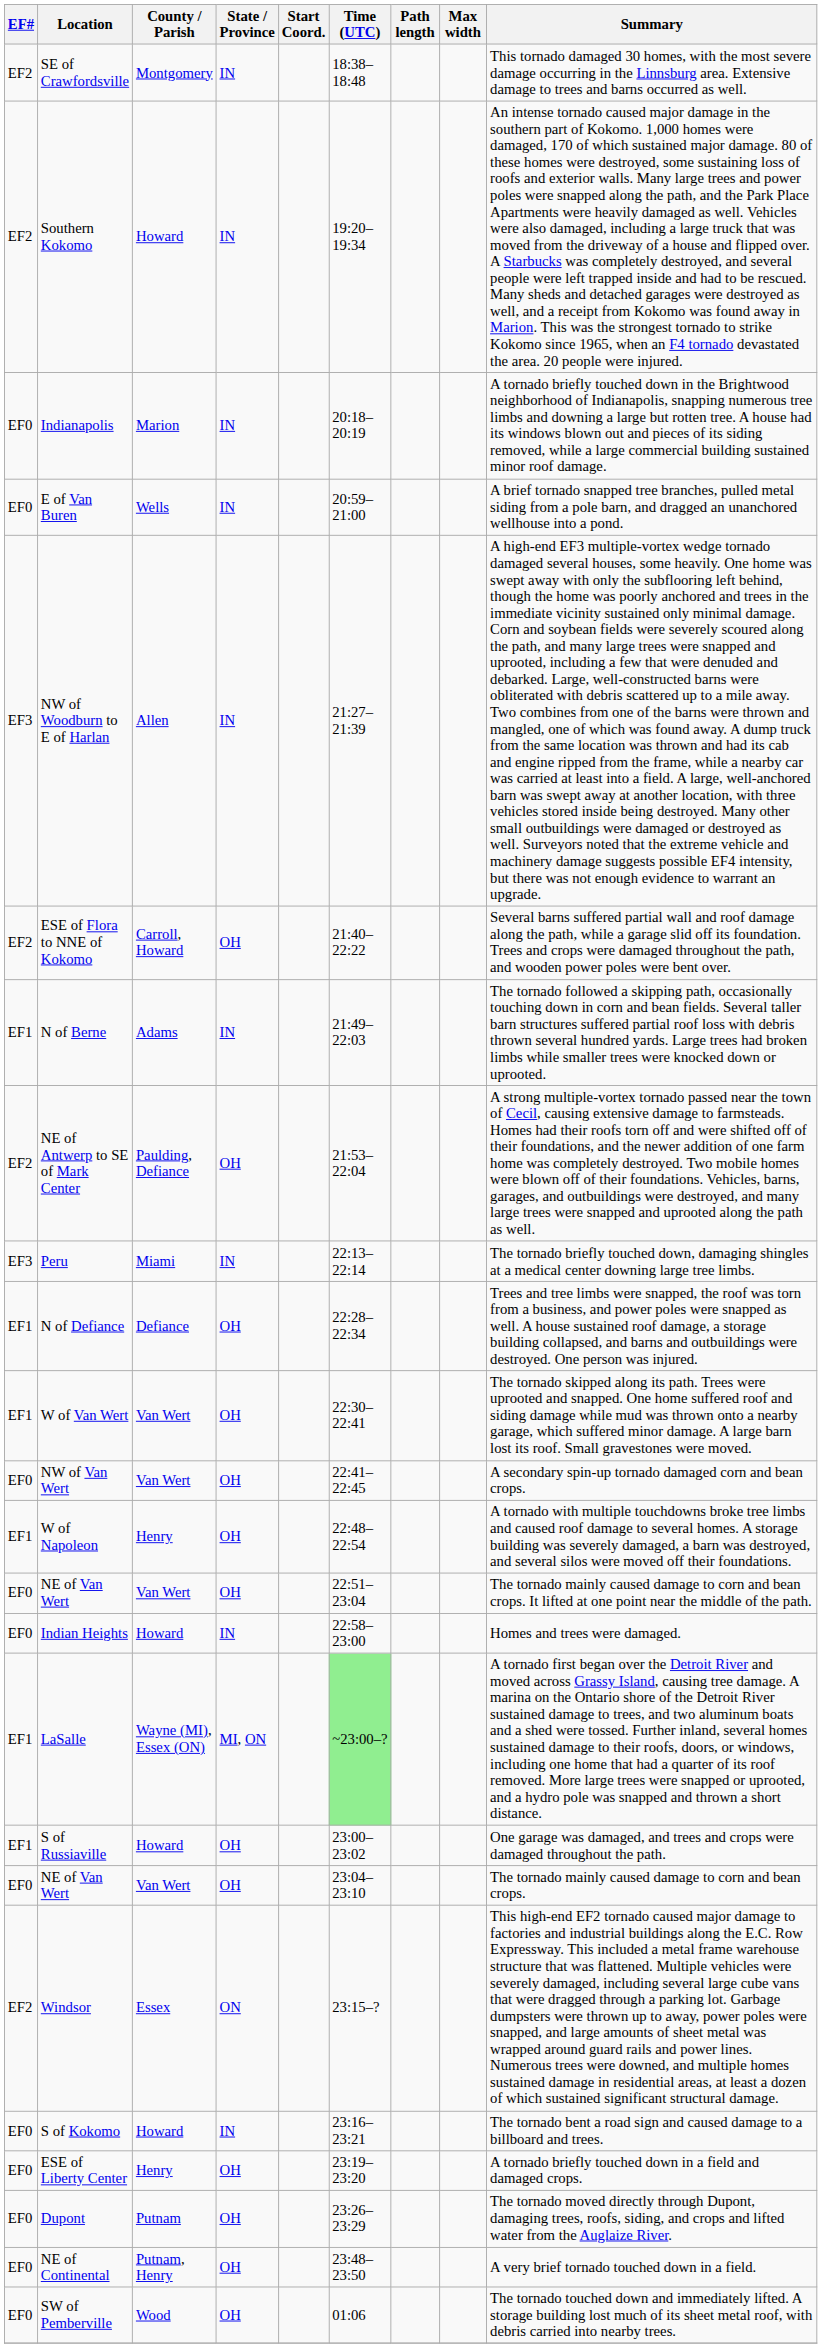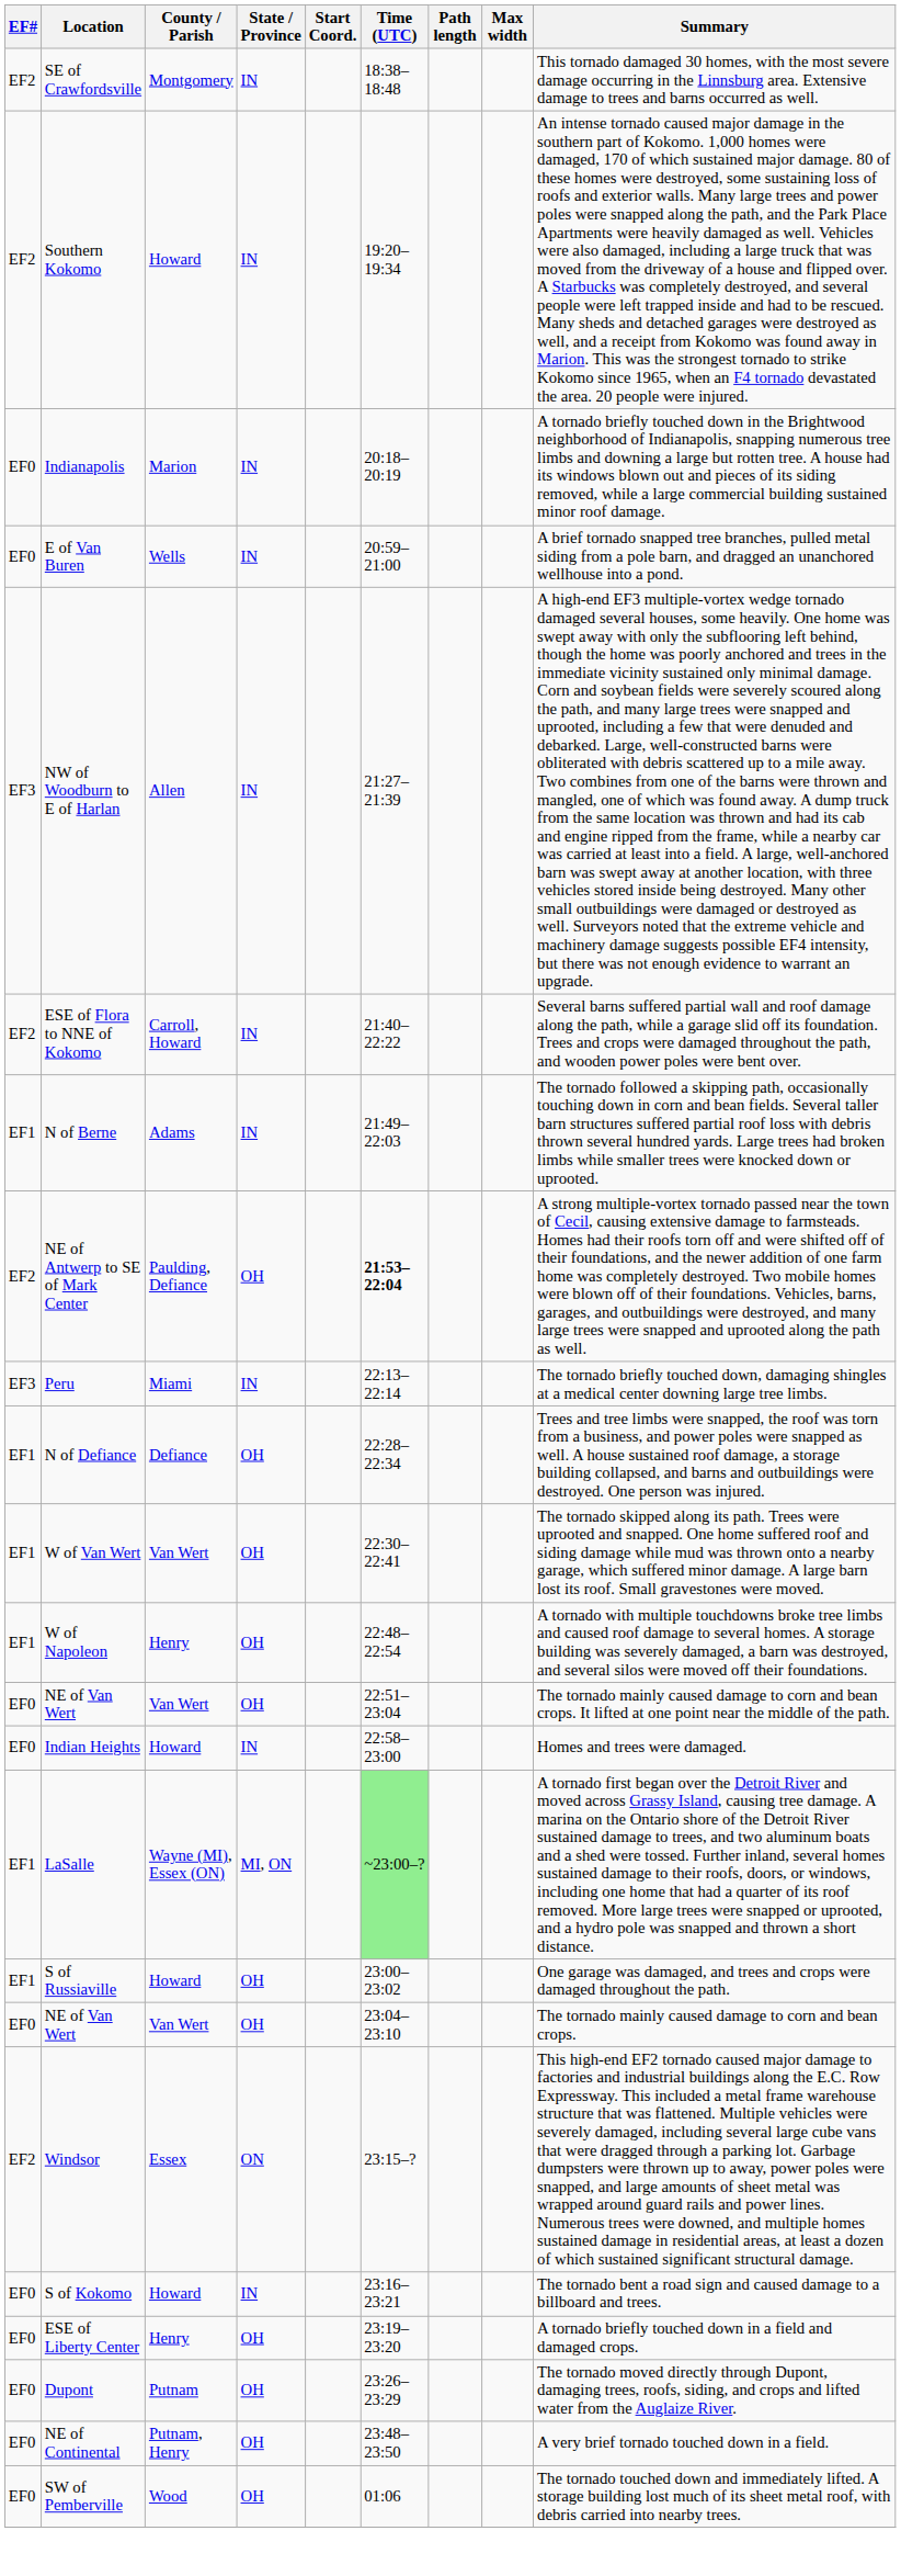 <table class="wikitable sortable" style="width:100%;">
 <tr>
 <th scope="col" width="3%" align="center"><a href='#'>EF#</a></th>
 <th scope="col" width="7%" align="center" class="unsortable">Location</th>
 <th scope="col" width="6%" align="center" class="unsortable">County / Parish</th>
 <th scope="col" width="5%" align="center">State / Province</th>
 <th scope="col" width="6%" align="center">Start Coord.</th>
 <th scope="col" width="6%" align="center">Time (<a href='#'>UTC</a>)</th>
 <th scope="col" width="6%" align="center">Path length</th>
 <th scope="col" width="6%" align="center">Max width</th>
 <th scope="col" width="48%" class="unsortable" align="center">Summary</th>
 </tr>
 <tr>
 <td>EF2</td>
 <td>SE of <a href='#'>Crawfordsville</a></td>
 <td><a href='#'>Montgomery</a></td>
 <td><a href='#'>IN</a></td>
 <td></td>
 <td>18:38–18:48</td>
 <td></td>
 <td></td>
 <td>This tornado damaged 30 homes, with the most severe damage occurring in the <a href='#'>Linnsburg</a> area. Extensive damage to trees and barns occurred as well.</td>
 </tr>
 <tr>
 <td>EF2</td>
 <td>Southern <a href='#'>Kokomo</a></td>
 <td><a href='#'>Howard</a></td>
 <td><a href='#'>IN</a></td>
 <td></td>
 <td>19:20–19:34</td>
 <td></td>
 <td></td>
 <td>An intense tornado caused major damage in the southern part of Kokomo. 1,000 homes were damaged, 170 of which sustained major damage. 80 of these homes were destroyed, some sustaining loss of roofs and exterior walls. Many large trees and power poles were snapped along the path, and the Park Place Apartments were heavily damaged as well. Vehicles were also damaged, including a large truck that was moved  from the driveway of a house and flipped over. A <a href='#'>Starbucks</a> was completely destroyed, and several people were left trapped inside and had to be rescued. Many sheds and detached garages were destroyed as well, and a receipt from Kokomo was found  away in <a href='#'>Marion</a>. This was the strongest tornado to strike Kokomo since 1965, when an <a href='#'>F4 tornado</a> devastated the area. 20 people were injured.</td>
 </tr>
 <tr>
 <td>EF0</td>
 <td><a href='#'>Indianapolis</a></td>
 <td><a href='#'>Marion</a></td>
 <td><a href='#'>IN</a></td>
 <td></td>
 <td>20:18–20:19</td>
 <td></td>
 <td></td>
 <td>A tornado briefly touched down in the Brightwood neighborhood of Indianapolis, snapping numerous tree limbs and downing a large but rotten tree. A house had its windows blown out and pieces of its siding removed, while a large commercial building sustained minor roof damage.</td>
 </tr>
 <tr>
 <td>EF0</td>
 <td>E of <a href='#'>Van Buren</a></td>
 <td><a href='#'>Wells</a></td>
 <td><a href='#'>IN</a></td>
 <td></td>
 <td>20:59–21:00</td>
 <td></td>
 <td></td>
 <td>A brief tornado snapped tree branches, pulled metal siding from a pole barn, and dragged an unanchored wellhouse into a pond.</td>
 </tr>
 <tr>
 <td>EF3</td>
 <td>NW of <a href='#'>Woodburn</a> to E of <a href='#'>Harlan</a></td>
 <td><a href='#'>Allen</a></td>
 <td><a href='#'>IN</a></td>
 <td></td>
 <td>21:27–21:39</td>
 <td></td>
 <td></td>
 <td>A high-end EF3 multiple-vortex wedge tornado damaged several houses, some heavily. One home was swept away with only the subflooring left behind, though the home was poorly anchored and trees in the immediate vicinity sustained only minimal damage. Corn and soybean fields were severely scoured along the path, and many large trees were snapped and uprooted, including a few that were denuded and debarked. Large, well-constructed barns were obliterated with debris scattered up to a mile away. Two combines from one of the barns were thrown and mangled, one of which was found  away. A dump truck from the same location was thrown and had its cab and engine ripped from the frame, while a nearby car was carried at least  into a field. A large, well-anchored barn was swept away at another location, with three vehicles stored inside being destroyed. Many other small outbuildings were damaged or destroyed as well. Surveyors noted that the extreme vehicle and machinery damage suggests possible EF4 intensity, but there was not enough evidence to warrant an upgrade.</td>
 </tr>
 <tr>
 <td>EF2</td>
 <td>ESE of <a href='#'>Flora</a> to NNE of <a href='#'>Kokomo</a></td>
 <td><a href='#'>Carroll</a>, <a href='#'>Howard</a></td>
-<td><a href='#'>OH</a></td>
+<td><a href='#'>IN</a></td>
 <td></td>
 <td>21:40–22:22</td>
 <td></td>
 <td></td>
 <td>Several barns suffered partial wall and roof damage along the path, while a garage slid off its foundation. Trees and crops were damaged throughout the path, and wooden power poles were bent over.</td>
 </tr>
 <tr>
 <td>EF1</td>
 <td>N of <a href='#'>Berne</a></td>
 <td><a href='#'>Adams</a></td>
 <td><a href='#'>IN</a></td>
 <td></td>
 <td>21:49–22:03</td>
 <td></td>
 <td></td>
 <td>The tornado followed a skipping path, occasionally touching down in corn and bean fields. Several taller barn structures suffered partial roof loss with debris thrown several hundred yards. Large trees had broken limbs while smaller trees were knocked down or uprooted.</td>
 </tr>
 <tr>
 <td>EF2</td>
 <td>NE of <a href='#'>Antwerp</a> to SE of <a href='#'>Mark Center</a></td>
 <td><a href='#'>Paulding</a>, <a href='#'>Defiance</a></td>
 <td><a href='#'>OH</a></td>
 <td></td>
-<td>21:53–22:04</td>
+<td><strong>21:53–22:04</strong></td>
 <td></td>
 <td></td>
 <td>A strong multiple-vortex tornado passed near the town of <a href='#'>Cecil</a>, causing extensive damage to farmsteads. Homes had their roofs torn off and were shifted off of their foundations, and the newer addition of one farm home was completely destroyed. Two mobile homes were blown off of their foundations. Vehicles, barns, garages, and outbuildings were destroyed, and many large trees were snapped and uprooted along the path as well.</td>
 </tr>
 <tr>
 <td>EF3</td>
 <td><a href='#'>Peru</a></td>
 <td><a href='#'>Miami</a></td>
 <td><a href='#'>IN</a></td>
 <td></td>
 <td>22:13–22:14</td>
 <td></td>
 <td></td>
 <td>The tornado briefly touched down, damaging shingles at a medical center downing large tree limbs.</td>
 </tr>
 <tr>
 <td>EF1</td>
 <td>N of <a href='#'>Defiance</a></td>
 <td><a href='#'>Defiance</a></td>
 <td><a href='#'>OH</a></td>
 <td></td>
 <td>22:28–22:34</td>
 <td></td>
 <td></td>
 <td>Trees and tree limbs were snapped, the roof was torn from a business, and power poles were snapped as well. A house sustained roof damage, a storage building collapsed, and barns and outbuildings were destroyed. One person was injured.</td>
 </tr>
 <tr>
 <td>EF1</td>
 <td>W of <a href='#'>Van Wert</a></td>
 <td><a href='#'>Van Wert</a></td>
 <td><a href='#'>OH</a></td>
 <td></td>
 <td>22:30–22:41</td>
 <td></td>
 <td></td>
 <td>The tornado skipped along its path. Trees were uprooted and snapped. One home suffered roof and siding damage while mud was thrown onto a nearby garage, which suffered minor damage. A large barn lost its roof. Small gravestones were moved.</td>
-</tr>
-<tr>
-<td>EF0</td>
-<td>NW of <a href='#'>Van Wert</a></td>
-<td><a href='#'>Van Wert</a></td>
-<td><a href='#'>OH</a></td>
-<td></td>
-<td>22:41–22:45</td>
-<td></td>
-<td></td>
-<td>A secondary spin-up tornado damaged corn and bean crops.</td>
 </tr>
 <tr>
 <td>EF1</td>
 <td>W of <a href='#'>Napoleon</a></td>
 <td><a href='#'>Henry</a></td>
 <td><a href='#'>OH</a></td>
 <td></td>
 <td>22:48–22:54</td>
 <td></td>
 <td></td>
 <td>A tornado with multiple touchdowns broke tree limbs and caused roof damage to several homes. A storage building was severely damaged, a barn was destroyed, and several silos were moved off their foundations.</td>
 </tr>
 <tr>
 <td>EF0</td>
 <td>NE of <a href='#'>Van Wert</a></td>
 <td><a href='#'>Van Wert</a></td>
 <td><a href='#'>OH</a></td>
 <td></td>
 <td>22:51–23:04</td>
 <td></td>
 <td></td>
 <td>The tornado mainly caused damage to corn and bean crops. It lifted at one point near the middle of the path.</td>
 </tr>
 <tr>
 <td>EF0</td>
 <td><a href='#'>Indian Heights</a></td>
 <td><a href='#'>Howard</a></td>
 <td><a href='#'>IN</a></td>
 <td></td>
 <td>22:58–23:00</td>
 <td></td>
 <td></td>
 <td>Homes and trees were damaged.</td>
 </tr>
 <tr>
 <td>EF1</td>
 <td><a href='#'>LaSalle</a></td>
 <td><a href='#'>Wayne (MI)</a>, <a href='#'>Essex (ON)</a></td>
 <td><a href='#'>MI</a>, <a href='#'>ON</a></td>
 <td></td>
 <td style="background: lightgreen;">~23:00–?</td>
 <td></td>
 <td></td>
 <td>A tornado first began over the <a href='#'>Detroit River</a> and moved across <a href='#'>Grassy Island</a>, causing tree damage. A marina on the Ontario shore of the Detroit River sustained damage to trees, and two aluminum boats and a shed were tossed. Further inland, several homes sustained damage to their roofs, doors, or windows, including one home that had a quarter of its roof removed. More large trees were snapped or uprooted, and a hydro pole was snapped and thrown a short distance.</td>
 </tr>
 <tr>
 <td>EF1</td>
 <td>S of <a href='#'>Russiaville</a></td>
 <td><a href='#'>Howard</a></td>
 <td><a href='#'>OH</a></td>
 <td></td>
 <td>23:00–23:02</td>
 <td></td>
 <td></td>
 <td>One garage was damaged, and trees and crops were damaged throughout the path.</td>
 </tr>
 <tr>
 <td>EF0</td>
 <td>NE of <a href='#'>Van Wert</a></td>
 <td><a href='#'>Van Wert</a></td>
 <td><a href='#'>OH</a></td>
 <td></td>
 <td>23:04–23:10</td>
 <td></td>
 <td></td>
 <td>The tornado mainly caused damage to corn and bean crops.</td>
 </tr>
 <tr>
 <td>EF2</td>
 <td><a href='#'>Windsor</a></td>
 <td><a href='#'>Essex</a></td>
 <td><a href='#'>ON</a></td>
 <td></td>
 <td>23:15–?</td>
 <td></td>
 <td></td>
 <td>This high-end EF2 tornado caused major damage to factories and industrial buildings along the E.C. Row Expressway. This included a metal frame warehouse structure that was flattened. Multiple vehicles were severely damaged, including several large cube vans that were dragged through a parking lot. Garbage dumpsters were thrown up to  away, power poles were snapped, and large amounts of sheet metal was wrapped around guard rails and power lines. Numerous trees were downed, and multiple homes sustained damage in residential areas, at least a dozen of which sustained significant structural damage.</td>
 </tr>
 <tr>
 <td>EF0</td>
 <td>S of <a href='#'>Kokomo</a></td>
 <td><a href='#'>Howard</a></td>
 <td><a href='#'>IN</a></td>
 <td></td>
 <td>23:16–23:21</td>
 <td></td>
 <td></td>
 <td>The tornado bent a road sign and caused damage to a billboard and trees.</td>
 </tr>
 <tr>
 <td>EF0</td>
 <td>ESE of <a href='#'>Liberty Center</a></td>
 <td><a href='#'>Henry</a></td>
 <td><a href='#'>OH</a></td>
 <td></td>
 <td>23:19–23:20</td>
 <td></td>
 <td></td>
 <td>A tornado briefly touched down in a field and damaged crops.</td>
 </tr>
 <tr>
 <td>EF0</td>
 <td><a href='#'>Dupont</a></td>
 <td><a href='#'>Putnam</a></td>
 <td><a href='#'>OH</a></td>
 <td></td>
 <td>23:26–23:29</td>
 <td></td>
 <td></td>
 <td>The tornado moved directly through Dupont, damaging trees, roofs, siding, and crops and lifted water from the <a href='#'>Auglaize River</a>.</td>
 </tr>
 <tr>
 <td>EF0</td>
 <td>NE of <a href='#'>Continental</a></td>
 <td><a href='#'>Putnam</a>, <a href='#'>Henry</a></td>
 <td><a href='#'>OH</a></td>
 <td></td>
 <td>23:48–23:50</td>
 <td></td>
 <td></td>
 <td>A very brief tornado touched down in a field.</td>
 </tr>
 <tr>
 <td>EF0</td>
 <td>SW of <a href='#'>Pemberville</a></td>
 <td><a href='#'>Wood</a></td>
 <td><a href='#'>OH</a></td>
 <td></td>
 <td>01:06</td>
 <td></td>
 <td></td>
 <td>The tornado touched down and immediately lifted. A storage building lost much of its sheet metal roof, with debris carried into nearby trees.</td>
 </tr>
 <tr>
 </tr>
 </table>
